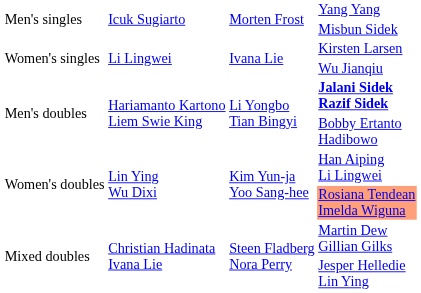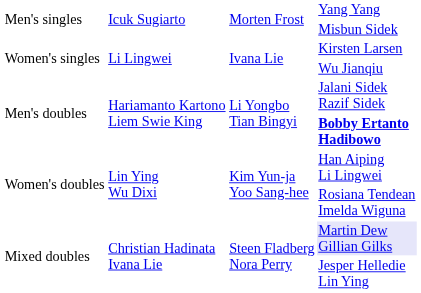 <table>
 <tr>
 <td rowspan=2>Men's singles</td>
 <td rowspan=2> <a href='#'>Icuk Sugiarto</a></td>
 <td rowspan=2> <a href='#'>Morten Frost</a></td>
 <td> <a href='#'>Yang Yang</a></td>
 </tr>
 <tr>
 <td> <a href='#'>Misbun Sidek</a></td>
 </tr>
 <tr>
 <td rowspan=2>Women's singles</td>
 <td rowspan=2> <a href='#'>Li Lingwei</a></td>
 <td rowspan=2> <a href='#'>Ivana Lie</a></td>
 <td> <a href='#'>Kirsten Larsen</a></td>
 </tr>
 <tr>
 <td> <a href='#'>Wu Jianqiu</a></td>
 </tr>
 <tr>
 <td rowspan=2>Men's doubles</td>
 <td rowspan=2> <a href='#'>Hariamanto Kartono</a> <br>  <a href='#'>Liem Swie King</a></td>
 <td rowspan=2> <a href='#'>Li Yongbo</a> <br>  <a href='#'>Tian Bingyi</a></td>
-<td><strong> <a href='#'>Jalani Sidek</a> <br>  <a href='#'>Razif Sidek</a></strong></td>
+<td> <a href='#'>Jalani Sidek</a> <br>  <a href='#'>Razif Sidek</a></td>
 </tr>
 <tr>
-<td> <a href='#'>Bobby Ertanto</a> <br>  <a href='#'>Hadibowo</a></td>
+<td><strong> <a href='#'>Bobby Ertanto</a> <br>  <a href='#'>Hadibowo</a></strong></td>
 </tr>
 <tr>
 <td rowspan=2>Women's doubles</td>
 <td rowspan=2> <a href='#'>Lin Ying</a> <br>  <a href='#'>Wu Dixi</a></td>
 <td rowspan=2> <a href='#'>Kim Yun-ja</a> <br>  <a href='#'>Yoo Sang-hee</a></td>
 <td> <a href='#'>Han Aiping</a> <br>  <a href='#'>Li Lingwei</a></td>
 </tr>
 <tr>
-<td style="background: lightsalmon;"> <a href='#'>Rosiana Tendean</a> <br>  <a href='#'>Imelda Wiguna</a></td>
+<td> <a href='#'>Rosiana Tendean</a> <br>  <a href='#'>Imelda Wiguna</a></td>
 </tr>
 <tr>
 <td rowspan=2>Mixed doubles</td>
 <td rowspan=2> <a href='#'>Christian Hadinata</a><br>  <a href='#'>Ivana Lie</a></td>
 <td rowspan=2> <a href='#'>Steen Fladberg</a> <br>  <a href='#'>Nora Perry</a></td>
-<td> <a href='#'>Martin Dew</a> <br>  <a href='#'>Gillian Gilks</a></td>
+<td style="background: lavender;"> <a href='#'>Martin Dew</a> <br>  <a href='#'>Gillian Gilks</a></td>
 </tr>
 <tr>
 <td> <a href='#'>Jesper Helledie</a> <br>  <a href='#'>Lin Ying</a></td>
 </tr>
 </table>
